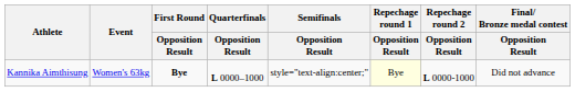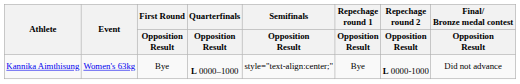 <table class= wikitable style="font-size:90%">
 <tr>
 <th rowspan="2">Athlete</th>
 <th rowspan="2">Event</th>
 <th>First Round</th>
 <th>Quarterfinals</th>
 <th>Semifinals</th>
 <th>Repechage <br>round 1</th>
 <th>Repechage <br>round 2</th>
 <th>Final/<br>Bronze medal contest</th>
 </tr>
 <tr>
 <th>Opposition<br>Result</th>
 <th>Opposition<br>Result</th>
 <th>Opposition<br>Result</th>
 <th>Opposition<br>Result</th>
 <th>Opposition<br>Result</th>
 <th>Opposition<br>Result</th>
 </tr>
 <tr>
 <td><a href='#'>Kannika Aimthisung</a></td>
 <td style="text-align:center;"><a href='#'>Women's 63kg</a></td>
-<td style="text-align:center;"><strong>Bye</strong></td>
+<td style="text-align:center;">Bye</td>
 <td style="text-align:center;"><br> <strong>L</strong> 0000–1000</td>
 <td>style="text-align:center;" </td>
-<td style="background: lightyellow; text-align:center;">Bye</td>
+<td style="text-align:center;">Bye</td>
 <td style="text-align:center;"><br> <strong>L</strong> 0000-1000</td>
 <td style="text-align:center;">Did not advance</td>
 </tr>
 </table>
